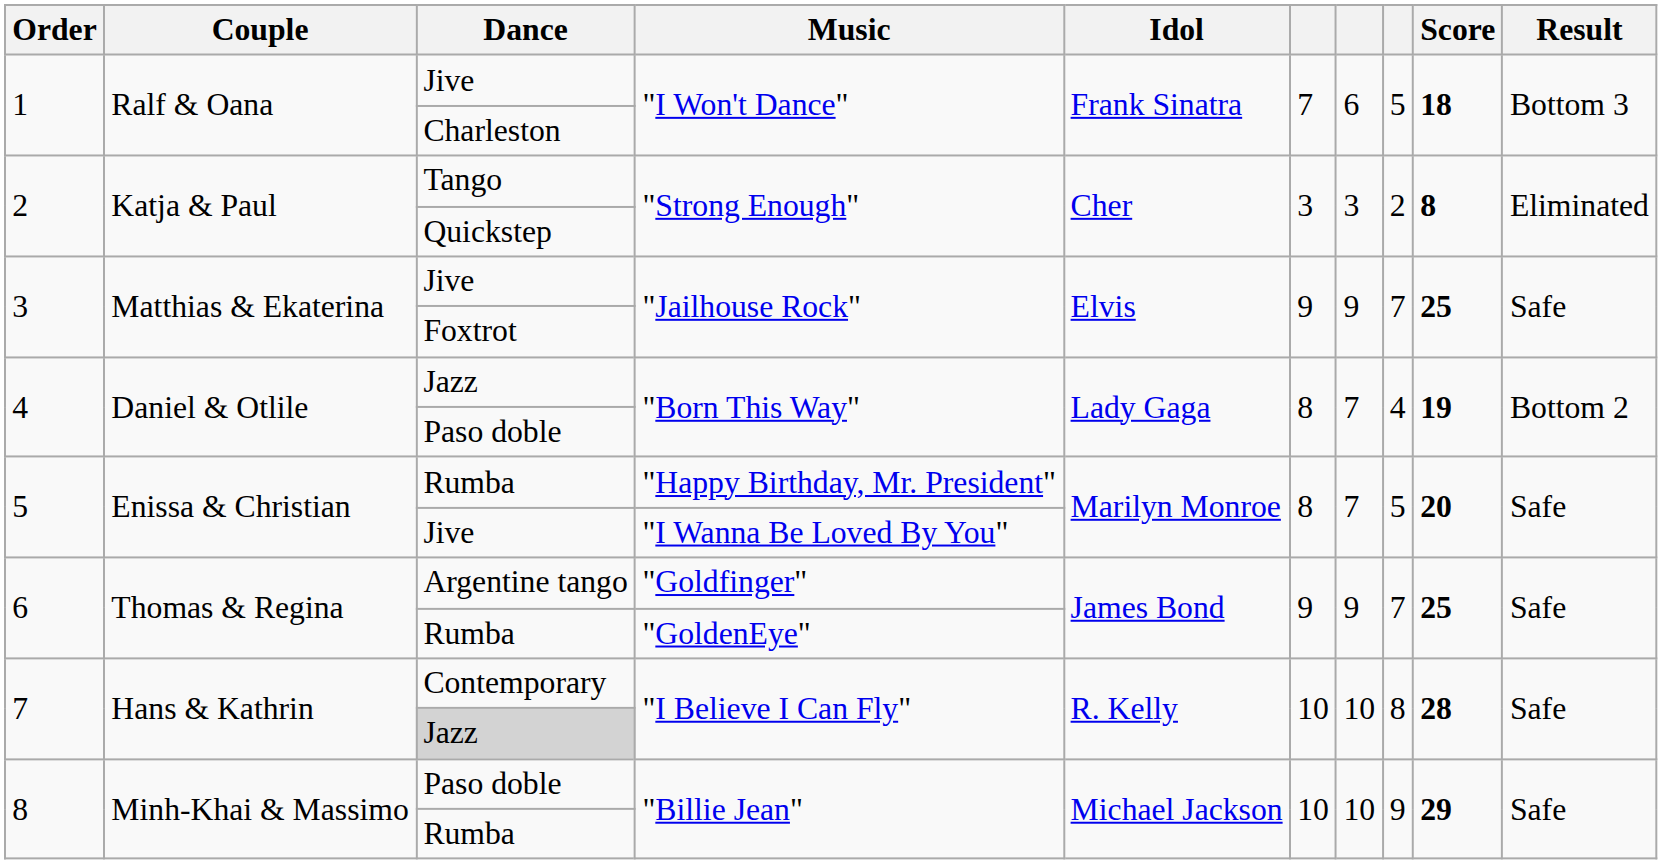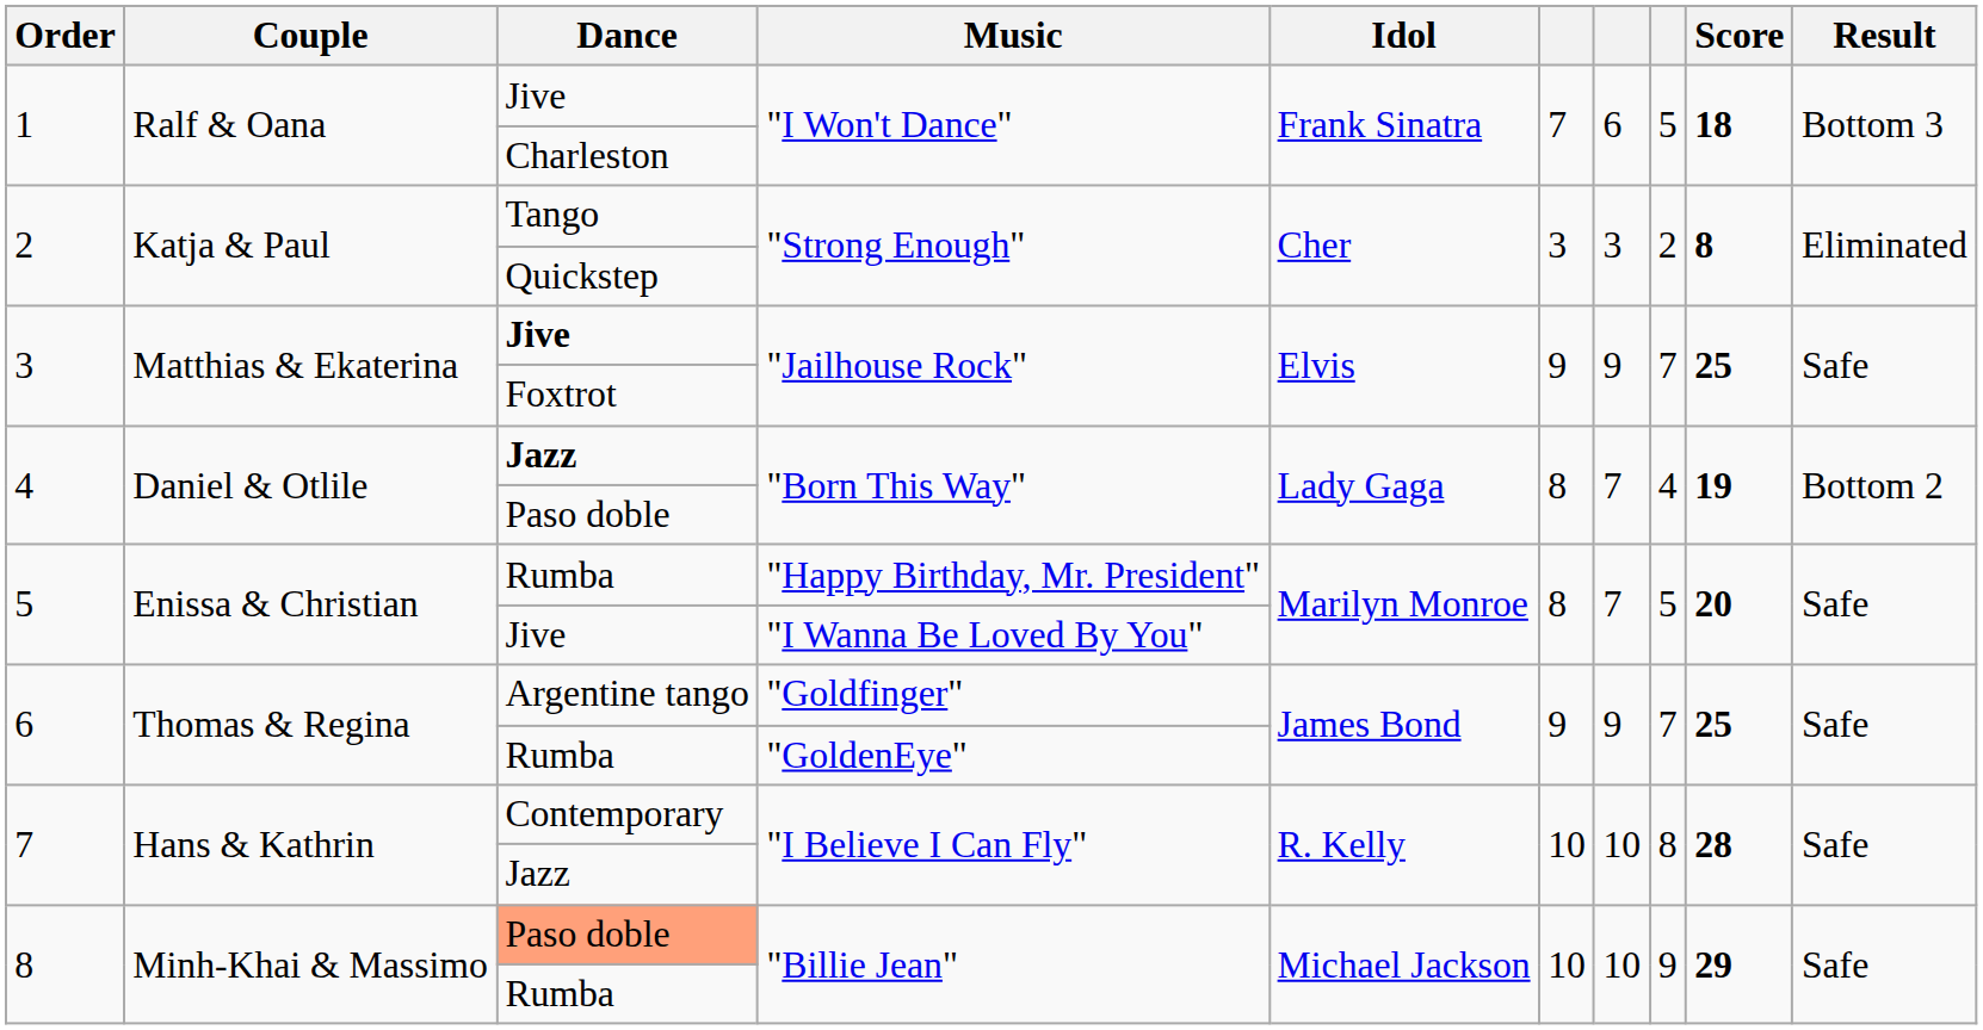 <table class="wikitable sortable unsortable center">
 <tr>
 <th>Order</th>
 <th>Couple</th>
 <th>Dance</th>
 <th>Music</th>
 <th>Idol</th>
 <th><small></small></th>
 <th><small></small></th>
 <th><small></small></th>
 <th>Score</th>
 <th>Result</th>
 </tr>
 <tr>
 <td rowspan=2>1</td>
 <td rowspan=2>Ralf & Oana</td>
 <td>Jive</td>
 <td rowspan=2>"<a href='#'>I Won't Dance</a>"</td>
 <td rowspan=2><a href='#'>Frank Sinatra</a></td>
 <td rowspan=2>7</td>
 <td rowspan=2>6</td>
 <td rowspan=2>5</td>
 <td rowspan=2><strong>18</strong></td>
 <td rowspan=2>Bottom 3</td>
 </tr>
 <tr>
 <td>Charleston</td>
 </tr>
 <tr>
 <td rowspan=2>2</td>
 <td rowspan=2>Katja & Paul</td>
 <td>Tango</td>
 <td rowspan=2>"<a href='#'>Strong Enough</a>"</td>
 <td rowspan=2><a href='#'>Cher</a></td>
 <td rowspan=2>3</td>
 <td rowspan=2>3</td>
 <td rowspan=2>2</td>
 <td rowspan=2><strong>8</strong></td>
 <td rowspan=2>Eliminated</td>
 </tr>
 <tr>
 <td>Quickstep</td>
 </tr>
 <tr>
 <td rowspan=2>3</td>
 <td rowspan=2>Matthias & Ekaterina</td>
-<td>Jive</td>
+<td><strong>Jive</strong></td>
 <td rowspan=2>"<a href='#'>Jailhouse Rock</a>"</td>
 <td rowspan=2><a href='#'>Elvis</a></td>
 <td rowspan=2>9</td>
 <td rowspan=2>9</td>
 <td rowspan=2>7</td>
 <td rowspan=2><strong>25</strong></td>
 <td rowspan=2>Safe</td>
 </tr>
 <tr>
 <td>Foxtrot</td>
 </tr>
 <tr>
 <td rowspan=2>4</td>
 <td rowspan=2>Daniel & Otlile</td>
-<td>Jazz</td>
+<td><strong>Jazz</strong></td>
 <td rowspan=2>"<a href='#'>Born This Way</a>"</td>
 <td rowspan=2><a href='#'>Lady Gaga</a></td>
 <td rowspan=2>8</td>
 <td rowspan=2>7</td>
 <td rowspan=2>4</td>
 <td rowspan=2><strong>19</strong></td>
 <td rowspan=2>Bottom 2</td>
 </tr>
 <tr>
 <td>Paso doble</td>
 </tr>
 <tr>
 <td rowspan=2>5</td>
 <td rowspan=2>Enissa & Christian</td>
 <td>Rumba</td>
 <td>"<a href='#'>Happy Birthday, Mr. President</a>"</td>
 <td rowspan=2><a href='#'>Marilyn Monroe</a></td>
 <td rowspan=2>8</td>
 <td rowspan=2>7</td>
 <td rowspan=2>5</td>
 <td rowspan=2><strong>20</strong></td>
 <td rowspan=2>Safe</td>
 </tr>
 <tr>
 <td>Jive</td>
 <td>"<a href='#'>I Wanna Be Loved By You</a>"</td>
 </tr>
 <tr>
 <td rowspan=2>6</td>
 <td rowspan=2>Thomas & Regina</td>
 <td>Argentine tango</td>
 <td>"<a href='#'>Goldfinger</a>"</td>
 <td rowspan=2><a href='#'>James Bond</a></td>
 <td rowspan=2>9</td>
 <td rowspan=2>9</td>
 <td rowspan=2>7</td>
 <td rowspan=2><strong>25</strong></td>
 <td rowspan=2>Safe</td>
 </tr>
 <tr>
 <td>Rumba</td>
 <td>"<a href='#'>GoldenEye</a>"</td>
 </tr>
 <tr>
 <td rowspan=2>7</td>
 <td rowspan=2>Hans & Kathrin</td>
 <td>Contemporary</td>
 <td rowspan=2>"<a href='#'>I Believe I Can Fly</a>"</td>
 <td rowspan=2><a href='#'>R. Kelly</a></td>
 <td rowspan=2>10</td>
 <td rowspan=2>10</td>
 <td rowspan=2>8</td>
 <td rowspan=2><strong>28</strong></td>
 <td rowspan=2>Safe</td>
 </tr>
 <tr>
-<td style="background: lightgrey;">Jazz</td>
+<td>Jazz</td>
 </tr>
 <tr>
 <td rowspan=2>8</td>
 <td rowspan=2>Minh-Khai & Massimo</td>
-<td>Paso doble</td>
+<td style="background: lightsalmon;">Paso doble</td>
 <td rowspan=2>"<a href='#'>Billie Jean</a>"</td>
 <td rowspan=2><a href='#'>Michael Jackson</a></td>
 <td rowspan=2>10</td>
 <td rowspan=2>10</td>
 <td rowspan=2>9</td>
 <td rowspan=2><strong>29</strong></td>
 <td rowspan=2>Safe</td>
 </tr>
 <tr>
 <td>Rumba</td>
 </tr>
 </table>
